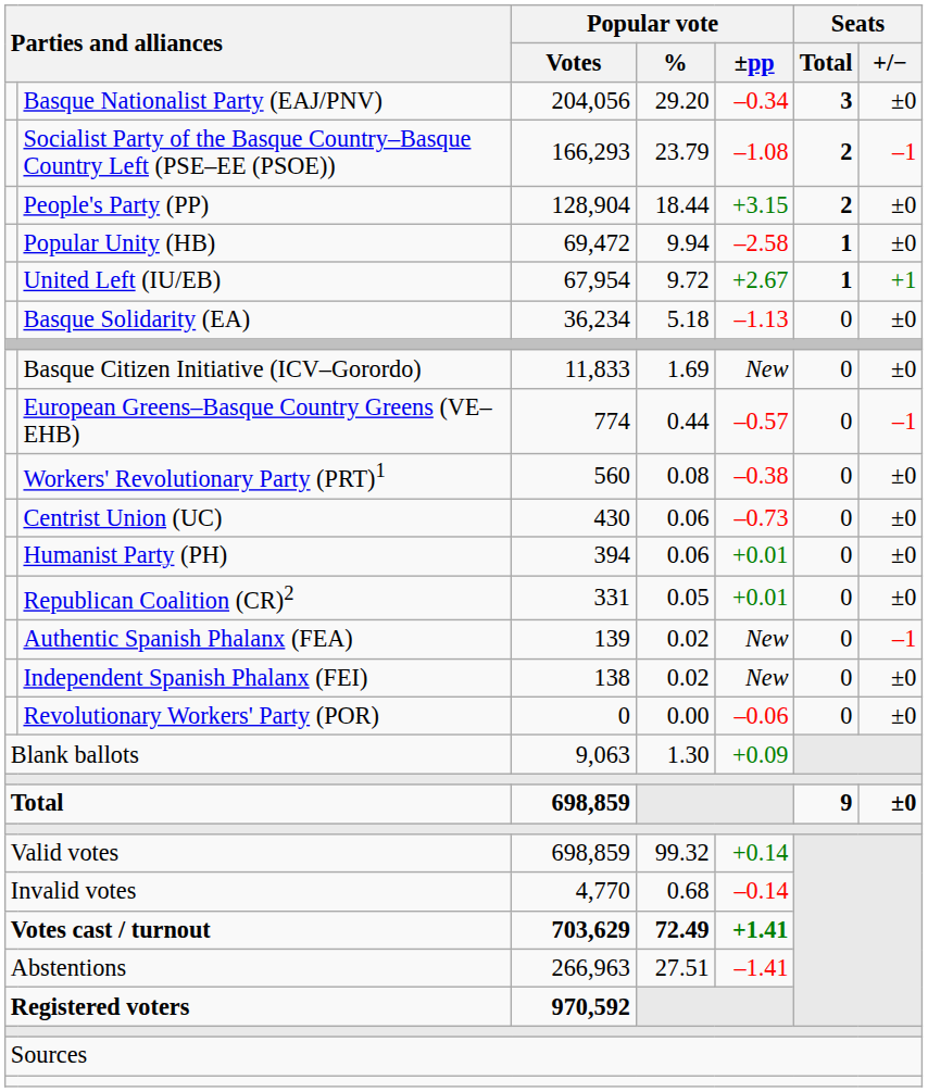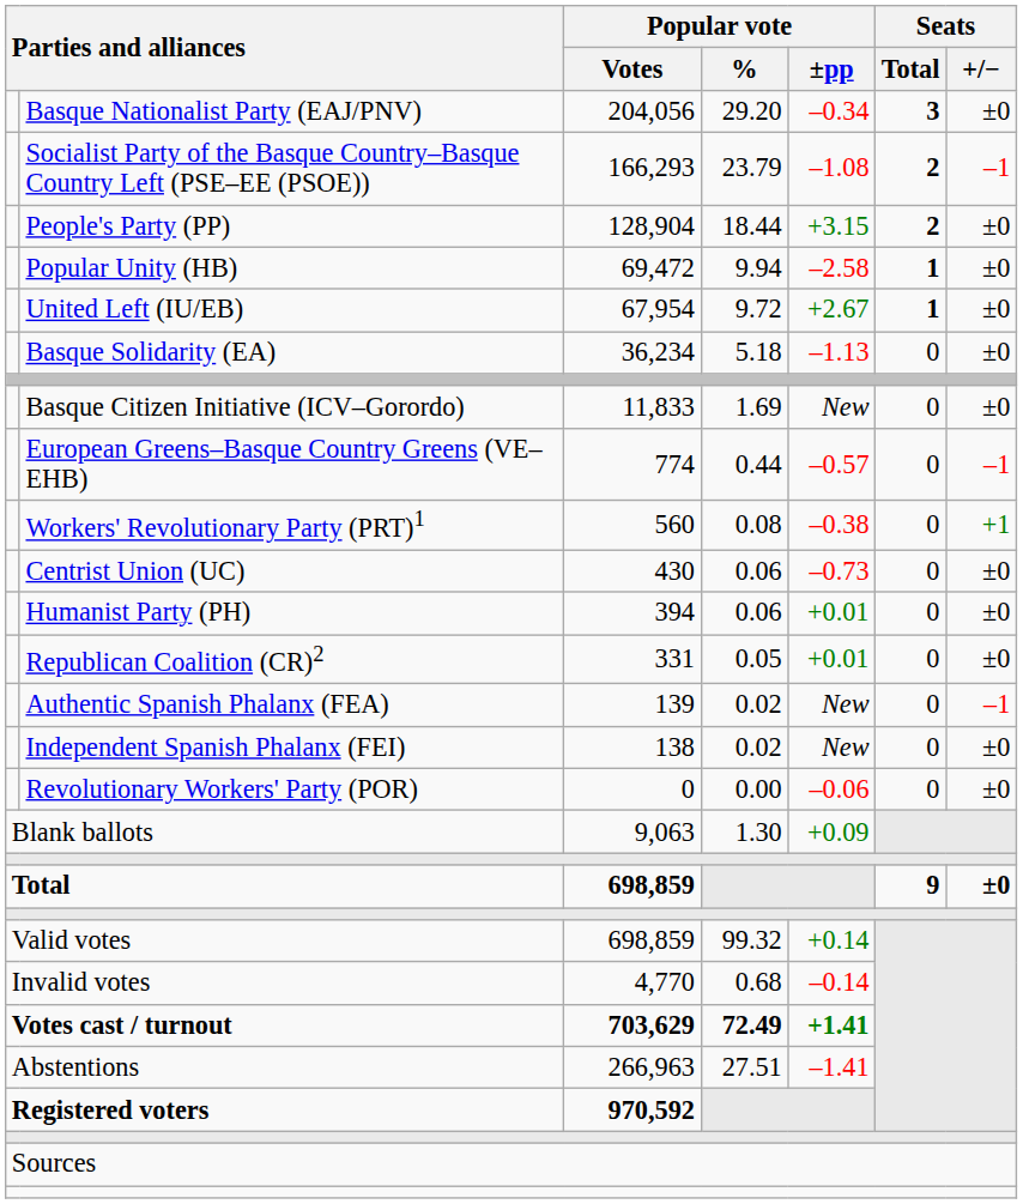 <table class="wikitable" style="text-align:right;">
 <tr>
 <th style="text-align:left;" rowspan="2" colspan="2" width="525">Parties and alliances</th>
 <th colspan="3">Popular vote</th>
 <th colspan="2">Seats</th>
 </tr>
 <tr>
 <th width="75">Votes</th>
 <th width="45">%</th>
 <th width="45">±<a href='#'>pp</a></th>
 <th width="35">Total</th>
 <th width="35">+/−</th>
 </tr>
 <tr>
 <td width="1" style="color:inherit;background:"></td>
 <td align="left"><a href='#'>Basque Nationalist Party</a> (EAJ/PNV)</td>
 <td>204,056</td>
 <td>29.20</td>
 <td style="color:red;">–0.34</td>
 <td><strong>3</strong></td>
 <td>±0</td>
 </tr>
 <tr>
 <td style="color:inherit;background:"></td>
 <td align="left"><a href='#'>Socialist Party of the Basque Country–Basque Country Left</a> (PSE–EE (PSOE))</td>
 <td>166,293</td>
 <td>23.79</td>
 <td style="color:red;">–1.08</td>
 <td><strong>2</strong></td>
 <td style="color:red;">–1</td>
 </tr>
 <tr>
 <td style="color:inherit;background:"></td>
 <td align="left"><a href='#'>People's Party</a> (PP)</td>
 <td>128,904</td>
 <td>18.44</td>
 <td style="color:green;">+3.15</td>
 <td><strong>2</strong></td>
 <td>±0</td>
 </tr>
 <tr>
 <td style="color:inherit;background:"></td>
 <td align="left"><a href='#'>Popular Unity</a> (HB)</td>
 <td>69,472</td>
 <td>9.94</td>
 <td style="color:red;">–2.58</td>
 <td><strong>1</strong></td>
 <td>±0</td>
 </tr>
 <tr>
 <td style="color:inherit;background:"></td>
 <td align="left"><a href='#'>United Left</a> (IU/EB)</td>
 <td>67,954</td>
 <td>9.72</td>
 <td style="color:green;">+2.67</td>
 <td><strong>1</strong></td>
-<td style="color:green;">+1</td>
+<td>±0</td>
 </tr>
 <tr>
 <td style="color:inherit;background:"></td>
 <td align="left"><a href='#'>Basque Solidarity</a> (EA)</td>
 <td>36,234</td>
 <td>5.18</td>
 <td style="color:red;">–1.13</td>
 <td>0</td>
 <td>±0</td>
 </tr>
 <tr>
 <td colspan="7" bgcolor="#C0C0C0"></td>
 </tr>
 <tr>
 <td style="color:inherit;background:"></td>
 <td align="left">Basque Citizen Initiative (ICV–Gorordo)</td>
 <td>11,833</td>
 <td>1.69</td>
 <td><em>New</em></td>
 <td>0</td>
 <td>±0</td>
 </tr>
 <tr>
 <td style="color:inherit;background:"></td>
 <td align="left"><a href='#'>European Greens–Basque Country Greens</a> (VE–EHB)</td>
 <td>774</td>
 <td>0.44</td>
 <td style="color:red;">–0.57</td>
 <td>0</td>
 <td style="color:red;">–1</td>
 </tr>
 <tr>
 <td style="color:inherit;background:"></td>
 <td align="left"><a href='#'>Workers' Revolutionary Party</a> (PRT)<sup>1</sup></td>
 <td>560</td>
 <td>0.08</td>
 <td style="color:red;">–0.38</td>
 <td>0</td>
-<td>±0</td>
+<td style="color:green;">+1</td>
 </tr>
 <tr>
 <td style="color:inherit;background:"></td>
 <td align="left"><a href='#'>Centrist Union</a> (UC)</td>
 <td>430</td>
 <td>0.06</td>
 <td style="color:red;">–0.73</td>
 <td>0</td>
 <td>±0</td>
 </tr>
 <tr>
 <td style="color:inherit;background:"></td>
 <td align="left"><a href='#'>Humanist Party</a> (PH)</td>
 <td>394</td>
 <td>0.06</td>
 <td style="color:green;">+0.01</td>
 <td>0</td>
 <td>±0</td>
 </tr>
 <tr>
 <td style="color:inherit;background:"></td>
 <td align="left"><a href='#'>Republican Coalition</a> (CR)<sup>2</sup></td>
 <td>331</td>
 <td>0.05</td>
 <td style="color:green;">+0.01</td>
 <td>0</td>
 <td>±0</td>
 </tr>
 <tr>
 <td style="color:inherit;background:"></td>
 <td align="left"><a href='#'>Authentic Spanish Phalanx</a> (FEA)</td>
 <td>139</td>
 <td>0.02</td>
 <td><em>New</em></td>
 <td>0</td>
 <td style="color:red;">–1</td>
 </tr>
 <tr>
 <td style="color:inherit;background:"></td>
 <td align="left"><a href='#'>Independent Spanish Phalanx</a> (FEI)</td>
 <td>138</td>
 <td>0.02</td>
 <td><em>New</em></td>
 <td>0</td>
 <td>±0</td>
 </tr>
 <tr>
 <td style="color:inherit;background:"></td>
 <td align="left"><a href='#'>Revolutionary Workers' Party</a> (POR)</td>
 <td>0</td>
 <td>0.00</td>
 <td style="color:red;">–0.06</td>
 <td>0</td>
 <td>±0</td>
 </tr>
 <tr>
 <td align="left" colspan="2">Blank ballots</td>
 <td>9,063</td>
 <td>1.30</td>
 <td style="color:green;">+0.09</td>
 <td bgcolor="#E9E9E9" colspan="2"></td>
 </tr>
 <tr>
 <td colspan="7" bgcolor="#E9E9E9"></td>
 </tr>
 <tr style="font-weight:bold;">
 <td align="left" colspan="2">Total</td>
 <td>698,859</td>
 <td bgcolor="#E9E9E9" colspan="2"></td>
 <td>9</td>
 <td>±0</td>
 </tr>
 <tr>
 <td colspan="7" bgcolor="#E9E9E9"></td>
 </tr>
 <tr>
 <td align="left" colspan="2">Valid votes</td>
 <td>698,859</td>
 <td>99.32</td>
 <td style="color:green;">+0.14</td>
 <td bgcolor="#E9E9E9" colspan="2" rowspan="5"></td>
 </tr>
 <tr>
 <td align="left" colspan="2">Invalid votes</td>
 <td>4,770</td>
 <td>0.68</td>
 <td style="color:red;">–0.14</td>
 </tr>
 <tr style="font-weight:bold;">
 <td align="left" colspan="2">Votes cast / turnout</td>
 <td>703,629</td>
 <td>72.49</td>
 <td style="color:green;">+1.41</td>
 </tr>
 <tr>
 <td align="left" colspan="2">Abstentions</td>
 <td>266,963</td>
 <td>27.51</td>
 <td style="color:red;">–1.41</td>
 </tr>
 <tr style="font-weight:bold;">
 <td align="left" colspan="2">Registered voters</td>
 <td>970,592</td>
 <td bgcolor="#E9E9E9" colspan="2"></td>
 </tr>
 <tr>
 <td colspan="7" bgcolor="#E9E9E9"></td>
 </tr>
 <tr>
 <td align="left" colspan="7">Sources</td>
 </tr>
 <tr>
 <td colspan="7" style="text-align:left; max-width:790px;"></td>
 </tr>
 </table>
